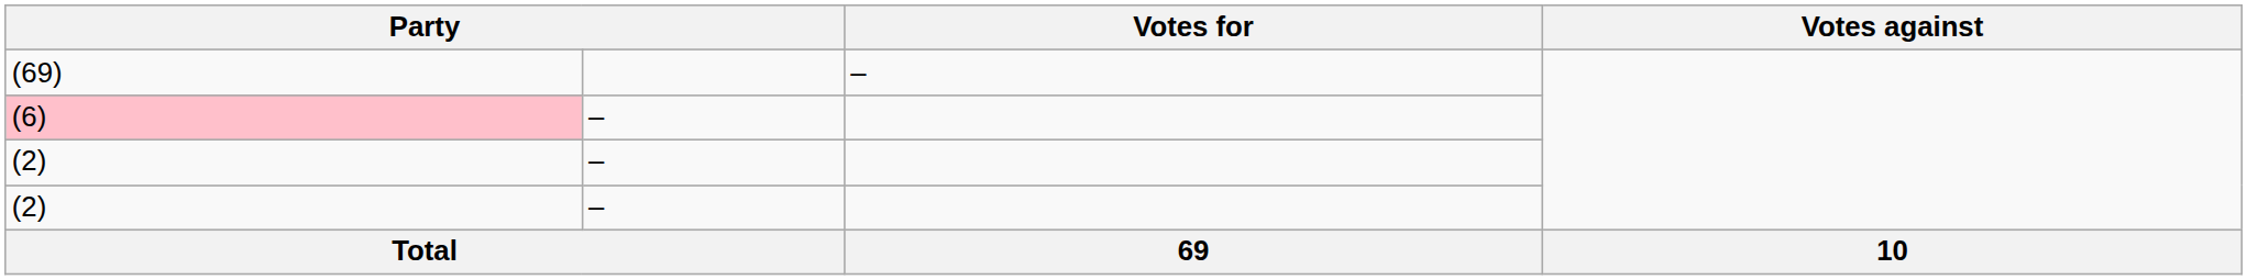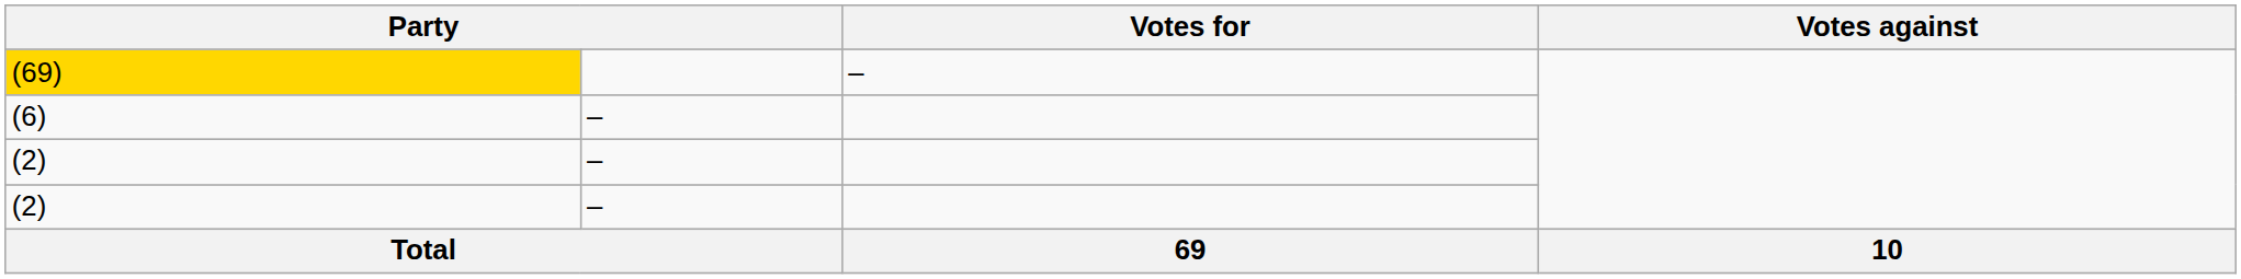 <table class="wikitable" style="width:100%">
 <tr>
 <th style="width:30%;" colspan="2">Party</th>
 <th style="width:25%;">Votes for</th>
 <th style="width:25%;">Votes against</th>
 </tr>
 <tr>
-<td> (69)</td>
+<td style="background: gold;"> (69)</td>
 <td></td>
 <td>–</td>
 </tr>
 <tr>
-<td style="background: pink;"> (6)</td>
+<td> (6)</td>
 <td>–</td>
 <td></td>
 </tr>
 <tr>
 <td> (2)</td>
 <td>–</td>
 <td></td>
 </tr>
 <tr>
 <td> (2)</td>
 <td>–</td>
 <td></td>
 </tr>
 <tr>
 <th colspan=2>Total</th>
 <th>69</th>
 <th>10</th>
 </tr>
 </table>
